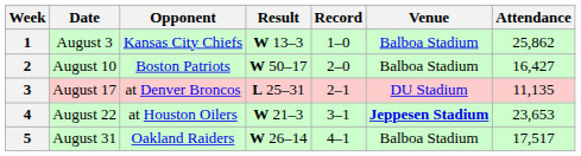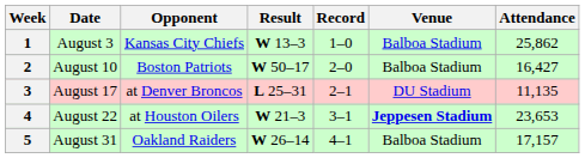 <table class="wikitable" style="text-align:center">
 <tr>
 <th scope="col">Week</th>
 <th scope="col">Date</th>
 <th scope="col">Opponent</th>
 <th scope="col">Result</th>
 <th scope="col">Record</th>
 <th scope="col">Venue</th>
 <th scope="col">Attendance</th>
 </tr>
 <tr style="background:#cfc">
 <th>1</th>
 <td>August 3</td>
 <td><a href='#'>Kansas City Chiefs</a></td>
 <td><strong>W</strong> 13–3</td>
 <td>1–0</td>
 <td><a href='#'>Balboa Stadium</a></td>
 <td>25,862</td>
 </tr>
 <tr style="background:#cfc">
 <th>2</th>
 <td>August 10</td>
 <td><a href='#'>Boston Patriots</a></td>
 <td><strong>W</strong> 50–17</td>
 <td>2–0</td>
 <td>Balboa Stadium</td>
 <td>16,427</td>
 </tr>
 <tr style="background:#fcc">
 <th>3</th>
 <td>August 17</td>
 <td>at <a href='#'>Denver Broncos</a></td>
 <td><strong>L</strong> 25–31</td>
 <td>2–1</td>
 <td><a href='#'>DU Stadium</a></td>
 <td>11,135</td>
 </tr>
 <tr style="background:#cfc">
 <th>4</th>
 <td>August 22</td>
 <td>at <a href='#'>Houston Oilers</a></td>
 <td><strong>W</strong> 21–3</td>
 <td>3–1</td>
 <td><strong><a href='#'>Jeppesen Stadium</a></strong></td>
 <td>23,653</td>
 </tr>
 <tr style="background:#cfc">
 <th>5</th>
 <td>August 31</td>
 <td><a href='#'>Oakland Raiders</a></td>
 <td><strong>W</strong> 26–14</td>
 <td>4–1</td>
 <td>Balboa Stadium</td>
-<td>17,517</td>
+<td>17,157</td>
 </tr>
 </table>
